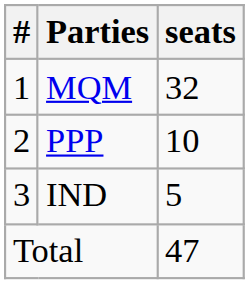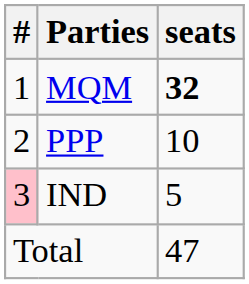 <table class="wikitable">
 <tr>
 <th>#</th>
 <th>Parties</th>
 <th>seats</th>
 </tr>
 <tr>
 <td>1</td>
 <td> <a href='#'>MQM</a></td>
-<td>32</td>
+<td><strong>32</strong></td>
 </tr>
 <tr>
 <td>2</td>
 <td> <a href='#'>PPP</a></td>
 <td>10</td>
 </tr>
 <tr>
-<td>3</td>
+<td style="background: pink;">3</td>
 <td>IND</td>
 <td>5</td>
 </tr>
 <tr>
 <td colspan="2">Total</td>
 <td>47</td>
 </tr>
 </table>
